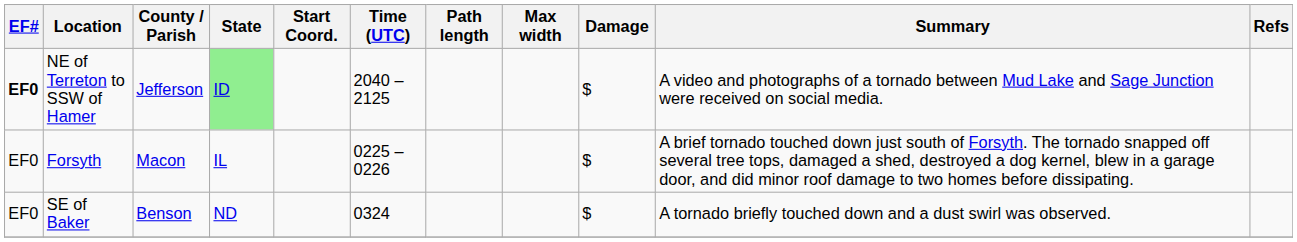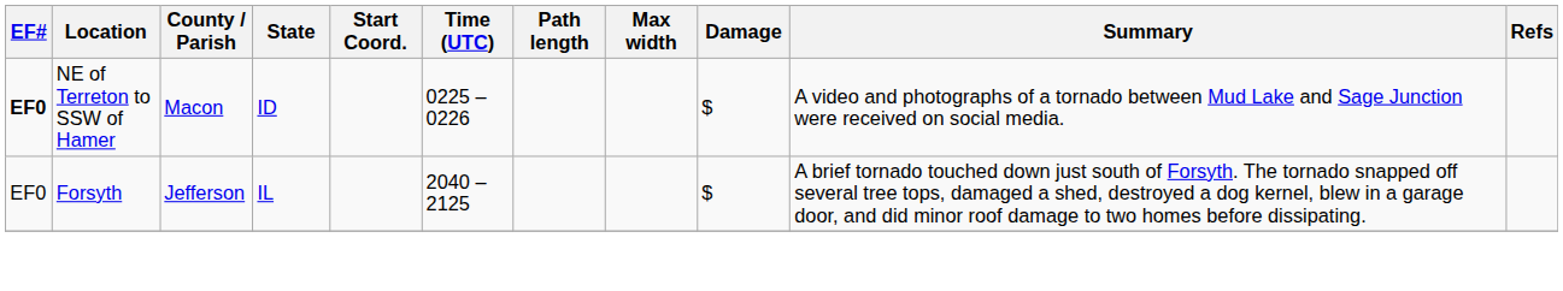 <table class="wikitable sortable" style="width:100%;">
 <tr>
 <th scope="col" width="3%" align="center"><a href='#'>EF#</a></th>
 <th scope="col" width="7%" align="center" class="unsortable">Location</th>
 <th scope="col" width="6%" align="center" class="unsortable">County / Parish</th>
 <th scope="col" width="5%" align="center">State</th>
 <th scope="col" width="6%" align="center">Start Coord.</th>
 <th scope="col" width="6%" align="center">Time (<a href='#'>UTC</a>)</th>
 <th scope="col" width="6%" align="center">Path length</th>
 <th scope="col" width="6%" align="center">Max width</th>
 <th scope="col" width="6%" align="center">Damage</th>
 <th scope="col" width="48%" class="unsortable" align="center">Summary</th>
 <th scope="col" width="48%" class="unsortable" align="center">Refs</th>
 </tr>
 <tr>
 <td><strong>EF0</strong></td>
 <td>NE of <a href='#'>Terreton</a> to SSW of <a href='#'>Hamer</a></td>
-<td><a href='#'>Jefferson</a></td>
-<td style="background: lightgreen;"><a href='#'>ID</a></td>
+<td><a href='#'>Macon</a></td>
+<td><a href='#'>ID</a></td>
 <td></td>
-<td>2040 – 2125</td>
+<td>0225 – 0226</td>
 <td></td>
 <td></td>
 <td>$</td>
 <td>A video and photographs of a tornado between <a href='#'>Mud Lake</a> and <a href='#'>Sage Junction</a> were received on social media.</td>
 <td></td>
 </tr>
 <tr>
 <td>EF0</td>
 <td><a href='#'>Forsyth</a></td>
-<td><a href='#'>Macon</a></td>
+<td><a href='#'>Jefferson</a></td>
 <td><a href='#'>IL</a></td>
 <td></td>
-<td>0225 – 0226</td>
+<td>2040 – 2125</td>
 <td></td>
 <td></td>
 <td>$</td>
 <td>A brief tornado touched down just south of <a href='#'>Forsyth</a>. The tornado snapped off several tree tops, damaged a shed, destroyed a dog kernel, blew in a garage door, and did minor roof damage to two homes before dissipating.</td>
 <td></td>
 </tr>
 <tr>
-<td>EF0</td>
-<td>SE of <a href='#'>Baker</a></td>
-<td><a href='#'>Benson</a></td>
-<td><a href='#'>ND</a></td>
-<td></td>
-<td>0324</td>
-<td></td>
-<td></td>
-<td>$</td>
-<td>A tornado briefly touched down and a dust swirl was observed.</td>
-<td></td>
-</tr>
-<tr>
 </tr>
 </table>
